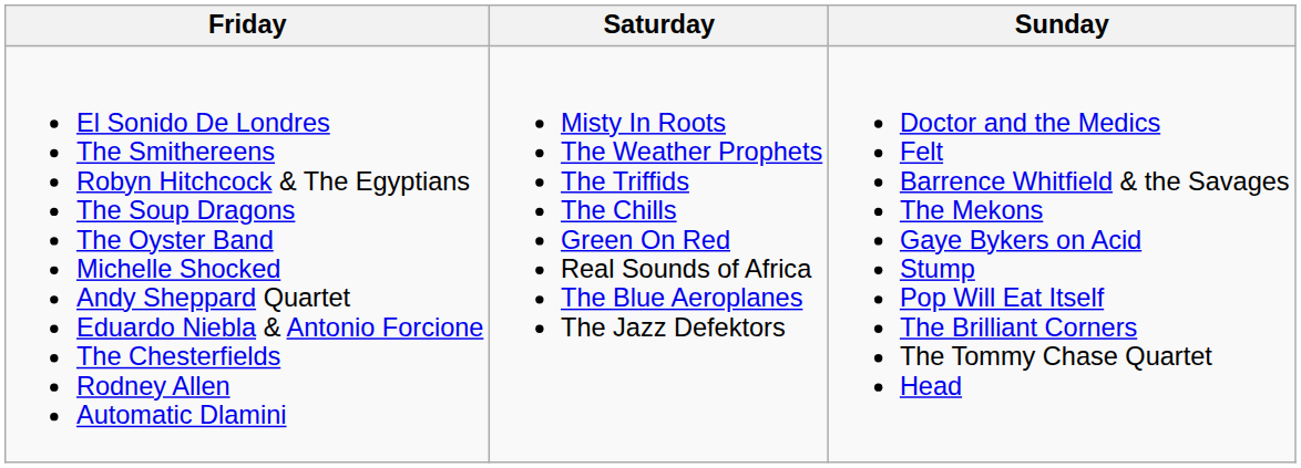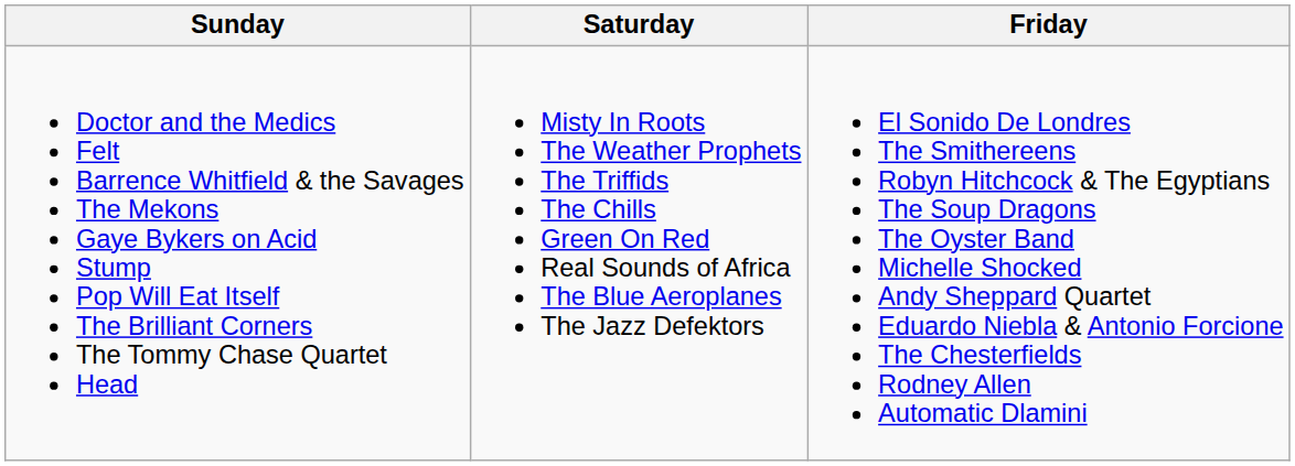 <table class="wikitable">
 <tr>
+<th>Sunday</th>
+<th>Saturday</th>
 <th>Friday</th>
-<th>Saturday</th>
-<th>Sunday</th>
 </tr>
 <tr valign="top">
+<td><br><ul><li><a href='#'>Doctor and the Medics</a></li><li><a href='#'>Felt</a></li><li><a href='#'>Barrence Whitfield</a> & the Savages</li><li><a href='#'>The Mekons</a></li><li><a href='#'>Gaye Bykers on Acid</a></li><li><a href='#'>Stump</a></li><li><a href='#'>Pop Will Eat Itself</a></li><li><a href='#'>The Brilliant Corners</a></li><li>The Tommy Chase Quartet</li><li><a href='#'>Head</a></li></ul></td>
+<td><br><ul><li><a href='#'>Misty In Roots</a></li><li><a href='#'>The Weather Prophets</a></li><li><a href='#'>The Triffids</a></li><li><a href='#'>The Chills</a></li><li><a href='#'>Green On Red</a></li><li>Real Sounds of Africa</li><li><a href='#'>The Blue Aeroplanes</a></li><li>The Jazz Defektors</li></ul></td>
 <td><br><ul><li><a href='#'>El Sonido De Londres</a></li><li><a href='#'>The Smithereens</a></li><li><a href='#'>Robyn Hitchcock</a> & The Egyptians</li><li><a href='#'>The Soup Dragons</a></li><li><a href='#'>The Oyster Band</a></li><li><a href='#'>Michelle Shocked</a></li><li><a href='#'>Andy Sheppard</a> Quartet</li><li><a href='#'>Eduardo Niebla</a> & <a href='#'>Antonio Forcione</a></li><li><a href='#'>The Chesterfields</a></li><li><a href='#'>Rodney Allen</a></li><li><a href='#'>Automatic Dlamini</a></li></ul></td>
-<td><br><ul><li><a href='#'>Misty In Roots</a></li><li><a href='#'>The Weather Prophets</a></li><li><a href='#'>The Triffids</a></li><li><a href='#'>The Chills</a></li><li><a href='#'>Green On Red</a></li><li>Real Sounds of Africa</li><li><a href='#'>The Blue Aeroplanes</a></li><li>The Jazz Defektors</li></ul></td>
-<td><br><ul><li><a href='#'>Doctor and the Medics</a></li><li><a href='#'>Felt</a></li><li><a href='#'>Barrence Whitfield</a> & the Savages</li><li><a href='#'>The Mekons</a></li><li><a href='#'>Gaye Bykers on Acid</a></li><li><a href='#'>Stump</a></li><li><a href='#'>Pop Will Eat Itself</a></li><li><a href='#'>The Brilliant Corners</a></li><li>The Tommy Chase Quartet</li><li><a href='#'>Head</a></li></ul></td>
 </tr>
 </table>
